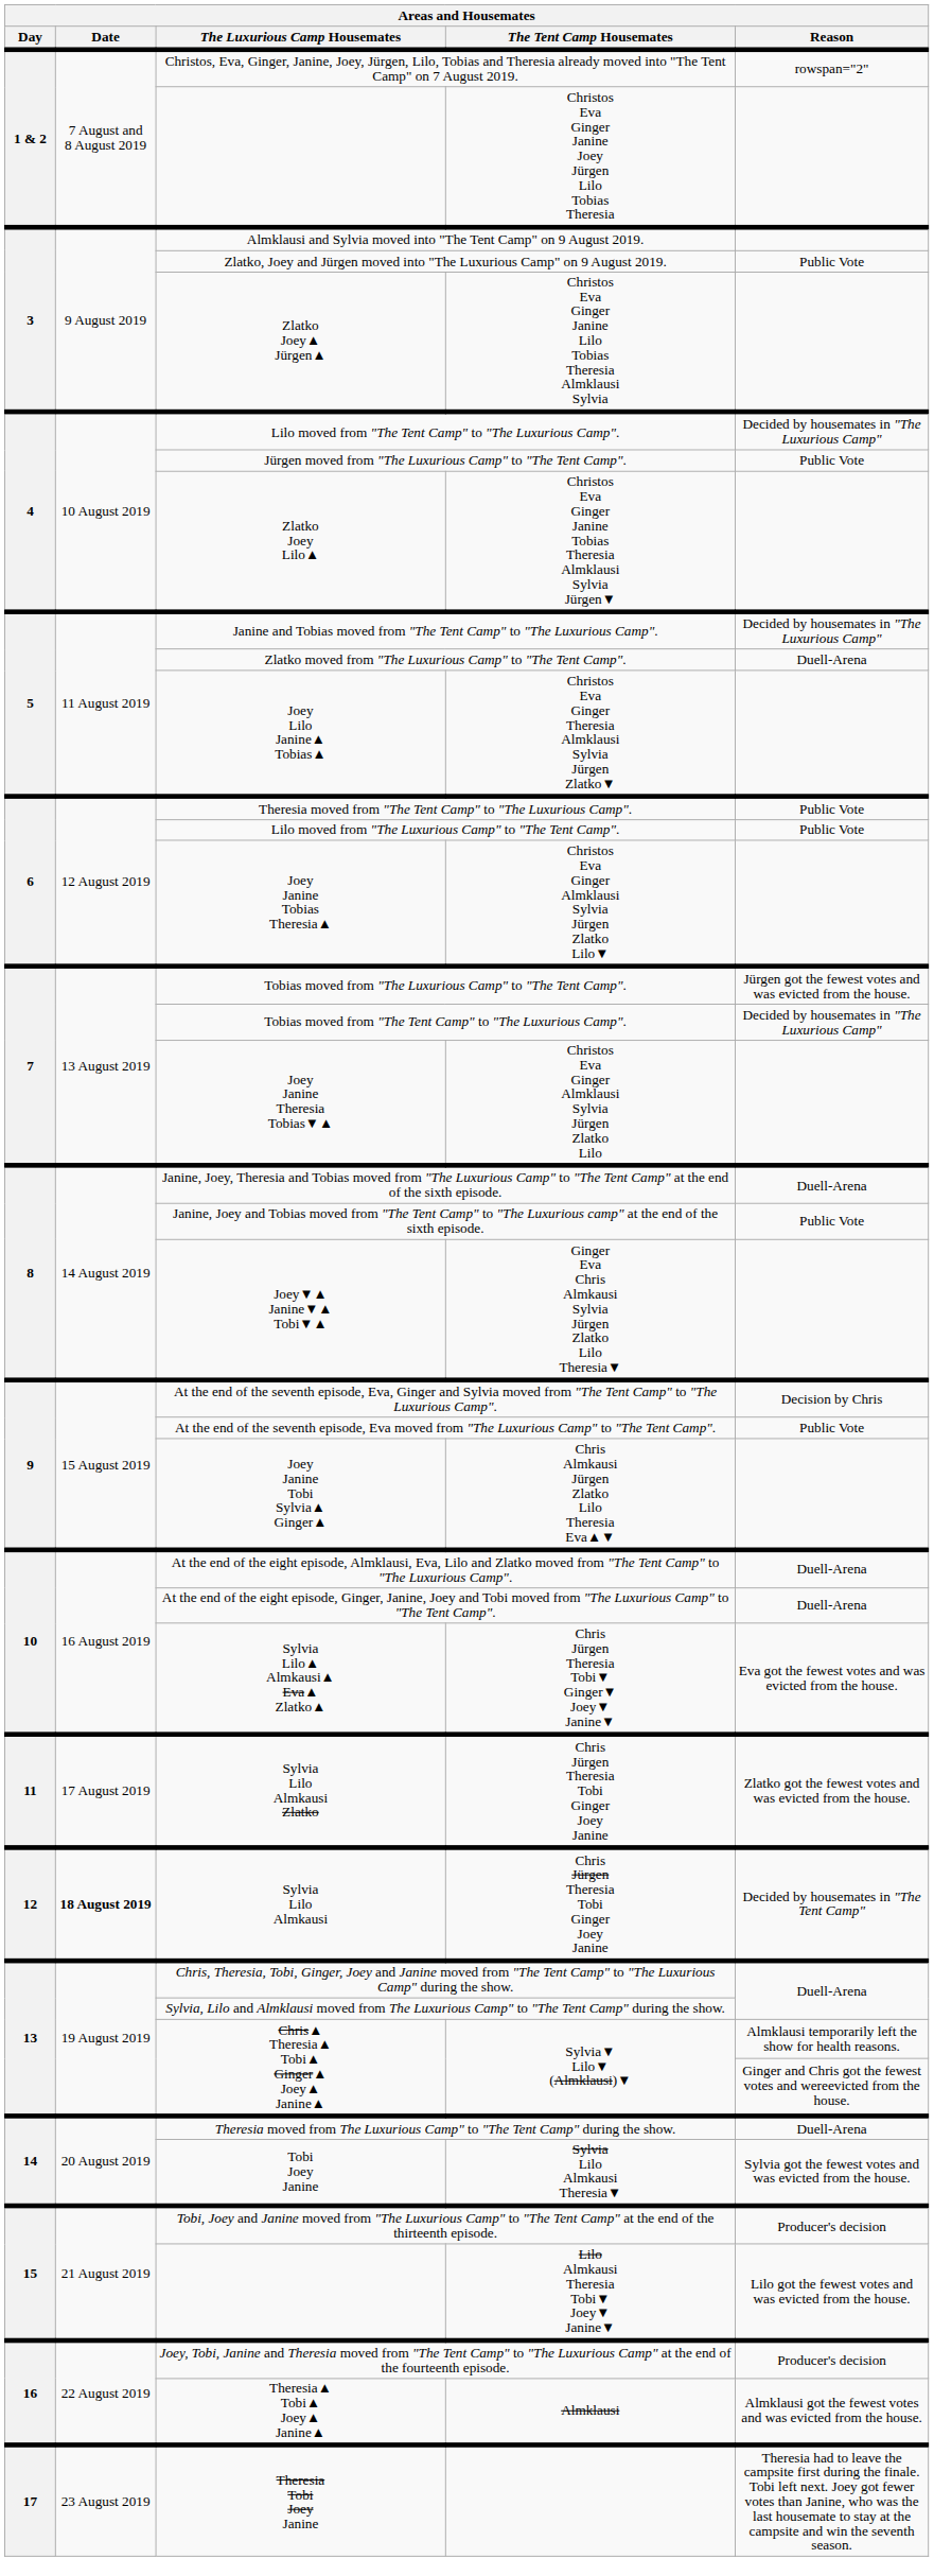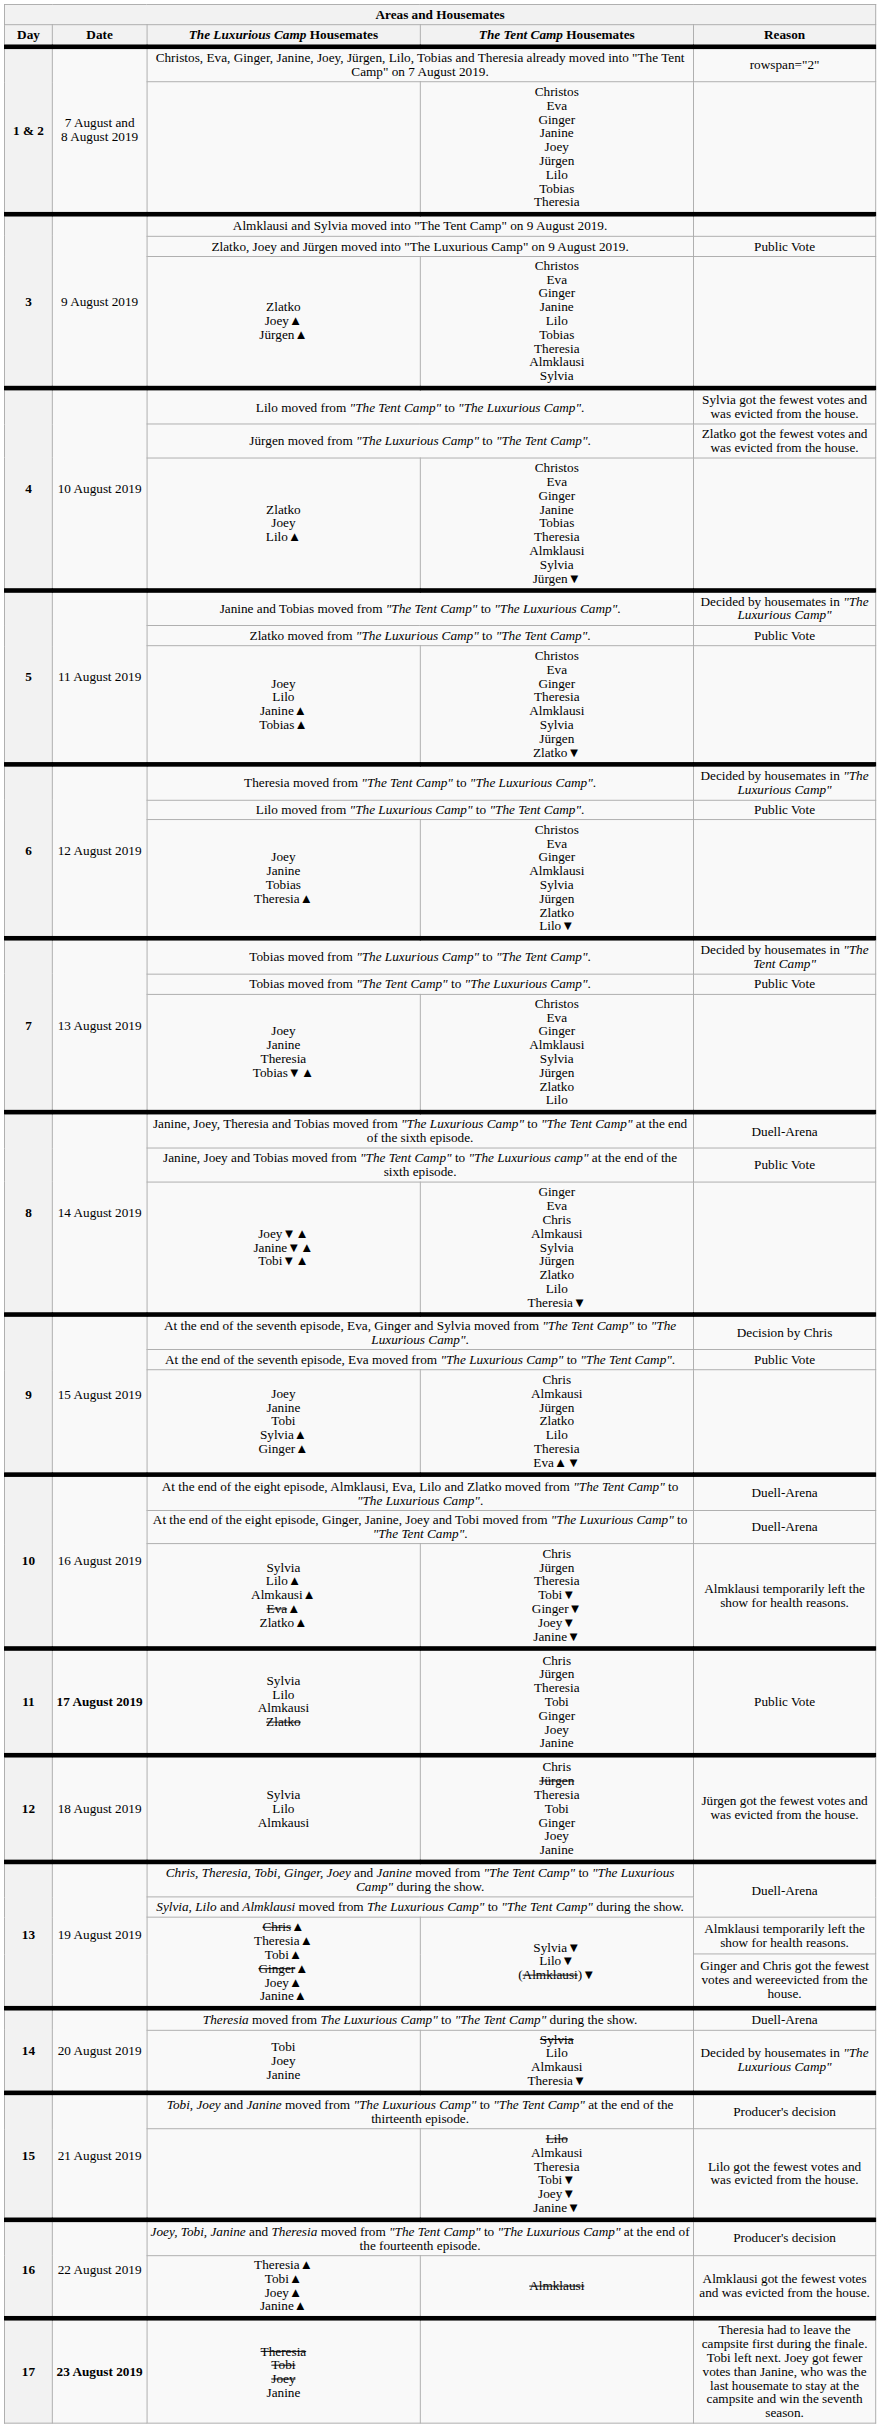 <table class="wikitable" style="width:75%; text-align:center; line-height:15px; font-size:90%;">
 <tr>
 <th colspan="5">Areas and Housemates</th>
 </tr>
 <tr>
 <th width="2%">Day</th>
 <th width="5%">Date</th>
 <th width="15%"><em>The Luxurious Camp</em> Housemates</th>
 <th width="15%"><em>The Tent Camp</em> Housemates</th>
 <th width="10%">Reason</th>
 </tr>
 <tr style="border-top:5px solid #000000;">
 <th rowspan="2">1 & 2</th>
 <td rowspan="2">7 August and<br>8 August 2019</td>
 <td colspan="2">Christos, Eva, Ginger, Janine, Joey, Jürgen, Lilo, Tobias and Theresia already moved into "The Tent Camp" on 7 August 2019.</td>
 <td>rowspan="2" </td>
 </tr>
 <tr>
 <td></td>
 <td>Christos<br>Eva<br>Ginger<br>Janine<br>Joey<br>Jürgen<br>Lilo<br>Tobias<br>Theresia</td>
 </tr>
 <tr style="border-top:5px solid #000000;">
 <th rowspan="3">3</th>
 <td rowspan="3">9 August 2019</td>
 <td colspan="2">Almklausi and Sylvia moved into "The Tent Camp" on 9 August 2019.</td>
 <td></td>
 </tr>
 <tr>
 <td colspan="2">Zlatko, Joey and Jürgen moved into "The Luxurious Camp" on 9 August 2019.</td>
 <td>Public Vote</td>
 </tr>
 <tr>
 <td>Zlatko<br>Joey<span>▲</span><br>Jürgen<span>▲</span></td>
 <td>Christos<br>Eva<br>Ginger<br>Janine<br>Lilo<br>Tobias<br>Theresia<br>Almklausi<br>Sylvia</td>
 <td></td>
 </tr>
 <tr style="border-top:5px solid #000000;">
 <th rowspan="3">4</th>
 <td rowspan="3">10 August 2019</td>
 <td colspan="2">Lilo moved from <em>"The Tent Camp"</em> to <em>"The Luxurious Camp"</em>.</td>
-<td>Decided by housemates in <em>"The Luxurious Camp"</em></td>
+<td>Sylvia got the fewest votes and was evicted from the house.</td>
 </tr>
 <tr>
 <td colspan="2">Jürgen moved from <em>"The Luxurious Camp"</em> to <em>"The Tent Camp"</em>.</td>
-<td>Public Vote</td>
+<td>Zlatko got the fewest votes and was evicted from the house.</td>
 </tr>
 <tr>
 <td>Zlatko<br>Joey<br>Lilo<span>▲</span></td>
 <td>Christos<br>Eva<br>Ginger<br>Janine<br>Tobias<br>Theresia<br>Almklausi<br>Sylvia<br>Jürgen<span>▼</span></td>
 <td></td>
 </tr>
 <tr style="border-top:5px solid #000000;">
 <th rowspan="3">5</th>
 <td rowspan="3">11 August 2019</td>
 <td colspan="2">Janine and Tobias moved from <em>"The Tent Camp"</em> to <em>"The Luxurious Camp"</em>.</td>
 <td>Decided by housemates in <em>"The Luxurious Camp"</em></td>
 </tr>
 <tr>
 <td colspan="2">Zlatko moved from <em>"The Luxurious Camp"</em> to <em>"The Tent Camp"</em>.</td>
-<td>Duell-Arena</td>
+<td>Public Vote</td>
 </tr>
 <tr>
 <td>Joey<br>Lilo<br>Janine<span>▲</span><br>Tobias<span>▲</span></td>
 <td>Christos<br>Eva<br>Ginger<br>Theresia<br>Almklausi<br>Sylvia<br>Jürgen<br>Zlatko<span>▼</span></td>
 <td></td>
 </tr>
 <tr style="border-top:5px solid #000000;">
 <th rowspan="3">6</th>
 <td rowspan="3">12 August 2019</td>
 <td colspan="2">Theresia moved from <em>"The Tent Camp"</em> to <em>"The Luxurious Camp"</em>.</td>
-<td>Public Vote</td>
+<td>Decided by housemates in <em>"The Luxurious Camp"</em></td>
 </tr>
 <tr>
 <td colspan="2">Lilo moved from <em>"The Luxurious Camp"</em> to <em>"The Tent Camp"</em>.</td>
 <td>Public Vote</td>
 </tr>
 <tr>
 <td>Joey<br>Janine<br>Tobias<br>Theresia<span>▲</span></td>
 <td>Christos<br>Eva<br>Ginger<br>Almklausi<br>Sylvia<br>Jürgen<br>Zlatko<br>Lilo<span>▼</span></td>
 <td></td>
 </tr>
 <tr style="border-top:5px solid #000000;">
 <th rowspan="3">7</th>
 <td rowspan="3">13 August 2019</td>
 <td colspan="2">Tobias moved from <em>"The Luxurious Camp"</em> to <em>"The Tent Camp"</em>.</td>
-<td>Jürgen got the fewest votes and was evicted from the house.</td>
+<td>Decided by housemates in <em>"The Tent Camp"</em></td>
 </tr>
 <tr>
 <td colspan="2">Tobias moved from <em>"The Tent Camp"</em> to <em>"The Luxurious Camp"</em>.</td>
-<td>Decided by housemates in <em>"The Luxurious Camp"</em></td>
+<td>Public Vote</td>
 </tr>
 <tr>
 <td>Joey<br>Janine<br>Theresia<br>Tobias<span>▼</span><span>▲</span></td>
 <td>Christos<br>Eva<br>Ginger<br>Almklausi<br>Sylvia<br>Jürgen<br>Zlatko<br>Lilo</td>
 <td></td>
 </tr>
 <tr style="border-top:5px solid #000000;">
 <th rowspan="3">8</th>
 <td rowspan="3">14 August 2019</td>
 <td colspan="2">Janine, Joey, Theresia and Tobias moved from <em>"The Luxurious Camp"</em> to <em>"The Tent Camp"</em> at the end of the sixth episode.</td>
 <td>Duell-Arena</td>
 </tr>
 <tr>
 <td colspan="2">Janine, Joey and Tobias moved from <em>"The Tent Camp"</em> to <em>"The Luxurious camp"</em> at the end of the sixth episode.</td>
 <td>Public Vote</td>
 </tr>
 <tr>
 <td>Joey<span>▼</span><span>▲</span><br>Janine<span>▼</span><span>▲</span><br>Tobi<span>▼</span><span>▲</span></td>
 <td>Ginger<br>Eva<br>Chris<br>Almkausi<br>Sylvia<br>Jürgen<br>Zlatko<br>Lilo<br>Theresia<span>▼</span></td>
 <td></td>
 </tr>
 <tr style="border-top:5px solid #000000;">
 <th rowspan="3">9</th>
 <td rowspan="3">15 August 2019</td>
 <td colspan="2">At the end of the seventh episode, Eva, Ginger and Sylvia moved from <em>"The Tent Camp"</em> to <em>"The Luxurious Camp"</em>.</td>
 <td>Decision by Chris</td>
 </tr>
 <tr>
 <td colspan="2">At the end of the seventh episode, Eva moved from <em>"The Luxurious Camp"</em> to <em>"The Tent Camp"</em>.</td>
 <td>Public Vote</td>
 </tr>
 <tr>
 <td>Joey<br>Janine<br>Tobi<br>Sylvia<span>▲</span><br>Ginger<span>▲</span></td>
 <td>Chris<br>Almkausi<br>Jürgen<br>Zlatko<br>Lilo<br>Theresia<br>Eva<span>▲</span><span>▼</span></td>
 <td></td>
 </tr>
 <tr style="border-top:5px solid #000000;">
 <th rowspan="3">10</th>
 <td rowspan="3">16 August 2019</td>
 <td colspan="2">At the end of the eight episode, Almklausi, Eva, Lilo and Zlatko moved from <em>"The Tent Camp"</em> to <em>"The Luxurious Camp"</em>.</td>
 <td>Duell-Arena</td>
 </tr>
 <tr>
 <td colspan="2">At the end of the eight episode, Ginger, Janine, Joey and Tobi moved from <em>"The Luxurious Camp"</em> to <em>"The Tent Camp"</em>.</td>
 <td>Duell-Arena</td>
 </tr>
 <tr>
 <td>Sylvia<br>Lilo<span>▲</span><br>Almkausi<span>▲</span><br><s>Eva</s><span>▲</span><br>Zlatko<span>▲</span></td>
 <td>Chris<br>Jürgen<br>Theresia<br>Tobi<span>▼</span><br>Ginger<span>▼</span><br>Joey<span>▼</span><br>Janine<span>▼</span></td>
-<td>Eva got the fewest votes and was evicted from the house.</td>
+<td>Almklausi temporarily left the show for health reasons.</td>
 </tr>
 <tr style="border-top:5px solid #000000;">
 <th>11</th>
-<td>17 August 2019</td>
+<td><strong>17 August 2019</strong></td>
 <td>Sylvia<br>Lilo<br>Almkausi<br><s>Zlatko</s></td>
 <td>Chris<br>Jürgen<br>Theresia<br>Tobi<br>Ginger<br>Joey<br>Janine</td>
-<td>Zlatko got the fewest votes and was evicted from the house.</td>
+<td>Public Vote</td>
 </tr>
 <tr style="border-top:5px solid #000000;">
 <th>12</th>
-<td><strong>18 August 2019</strong></td>
+<td>18 August 2019</td>
 <td>Sylvia<br>Lilo<br>Almkausi</td>
 <td>Chris<br><s>Jürgen</s><br>Theresia<br>Tobi<br>Ginger<br>Joey<br>Janine</td>
-<td>Decided by housemates in <em>"The Tent Camp"</em></td>
+<td>Jürgen got the fewest votes and was evicted from the house.</td>
 </tr>
 <tr style="border-top:5px solid #000000;">
 <th rowspan="4">13</th>
 <td rowspan="4">19 August 2019</td>
 <td colspan="2"><em>Chris, Theresia, Tobi, Ginger, Joey</em> and <em>Janine</em> moved from <em>"The Tent Camp"</em> to <em>"The Luxurious Camp"</em> during the show.</td>
 <td rowspan="2">Duell-Arena</td>
 </tr>
 <tr>
 <td colspan="2"><em>Sylvia, Lilo</em> and <em>Almklausi</em>  moved from <em>The Luxurious Camp"</em> to <em>"The Tent Camp"</em> during the show.</td>
 </tr>
 <tr>
 <td rowspan="2"><s>Chris</s><span>▲</span><br>Theresia<span>▲</span><br>Tobi<span>▲</span><br><s>Ginger</s><span>▲</span><br>Joey<span>▲</span><br>Janine<span>▲</span></td>
 <td rowspan="2">Sylvia<span>▼</span><br>Lilo<span>▼</span><br>(<s>Almklausi</s>)<span>▼</span></td>
 <td>Almklausi temporarily left the show for health reasons.</td>
 </tr>
 <tr>
 <td>Ginger and Chris got the fewest votes and wereevicted from the house.</td>
 </tr>
 <tr style="border-top:5px solid #000000;">
 <th rowspan="2">14</th>
 <td rowspan="2">20 August 2019</td>
 <td colspan="2"><em>Theresia</em> moved from <em>The Luxurious Camp"</em> to <em>"The Tent Camp"</em> during the show.</td>
 <td>Duell-Arena</td>
 </tr>
 <tr>
 <td>Tobi<br>Joey<br>Janine</td>
 <td><s>Sylvia</s><br>Lilo<br>Almkausi<br>Theresia<span>▼</span></td>
-<td>Sylvia got the fewest votes and was evicted from the house.</td>
+<td>Decided by housemates in <em>"The Luxurious Camp"</em></td>
 </tr>
 <tr style="border-top:5px solid #000000;">
 <th rowspan="2">15</th>
 <td rowspan="2">21 August 2019</td>
 <td colspan="2"><em>Tobi, Joey</em> and <em>Janine</em>  moved from <em>"The Luxurious Camp"</em> to <em>"The Tent Camp"</em> at the end of the thirteenth episode.</td>
 <td>Producer's decision</td>
 </tr>
 <tr>
 <td></td>
 <td><s>Lilo</s><br>Almkausi<br>Theresia<br>Tobi<span>▼</span><br>Joey<span>▼</span><br>Janine<span>▼</span></td>
 <td>Lilo got the fewest votes and was evicted from the house.</td>
 </tr>
 <tr style="border-top:5px solid #000000;">
 <th rowspan="2">16</th>
 <td rowspan="2">22 August 2019</td>
 <td colspan="2"><em>Joey, Tobi, Janine</em> and <em>Theresia</em> moved from <em>"The Tent Camp"</em> to <em>"The Luxurious Camp"</em> at the end of the fourteenth episode.</td>
 <td>Producer's decision</td>
 </tr>
 <tr>
 <td>Theresia<span>▲</span><br>Tobi<span>▲</span><br>Joey<span>▲</span><br>Janine<span>▲</span></td>
 <td><s>Almklausi</s></td>
 <td>Almklausi got the fewest votes and was evicted from the house.</td>
 </tr>
 <tr style="border-top:5px solid #000000;">
 <th rowspan="2">17</th>
-<td>23 August 2019</td>
+<td><strong>23 August 2019</strong></td>
 <td><s>Theresia</s><br><s>Tobi</s><br><s>Joey</s><br>Janine</td>
 <td></td>
 <td>Theresia had to leave the campsite first during the finale. Tobi left next. Joey got fewer votes than Janine, who was the last housemate to stay at the campsite and win the seventh season.</td>
 </tr>
 </table>
